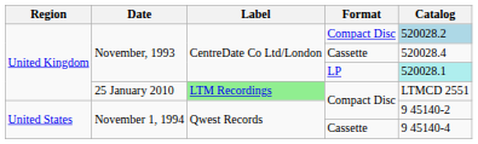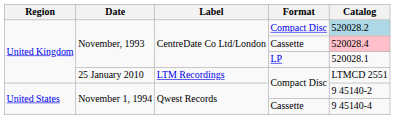 <table class="wikitable">
 <tr>
 <th>Region</th>
 <th>Date</th>
 <th>Label</th>
 <th>Format</th>
 <th>Catalog</th>
 </tr>
 <tr>
 <td rowspan="4"><a href='#'>United Kingdom</a></td>
 <td rowspan="3">November, 1993</td>
 <td rowspan="3">CentreDate Co Ltd/London</td>
 <td><a href='#'>Compact Disc</a></td>
 <td style="background: lightblue;">520028.2</td>
 </tr>
 <tr>
 <td>Cassette</td>
-<td>520028.4</td>
+<td style="background: pink;">520028.4</td>
 </tr>
 <tr>
 <td><a href='#'>LP</a></td>
-<td style="background: paleturquoise;">520028.1</td>
+<td>520028.1</td>
 </tr>
 <tr>
 <td>25 January 2010</td>
-<td style="background: lightgreen;"><a href='#'>LTM Recordings</a></td>
+<td><a href='#'>LTM Recordings</a></td>
 <td rowspan="2">Compact Disc</td>
 <td>LTMCD 2551</td>
 </tr>
 <tr>
 <td rowspan="2"><a href='#'>United States</a></td>
 <td rowspan="2">November 1, 1994</td>
 <td rowspan="2">Qwest Records</td>
 <td>9 45140-2</td>
 </tr>
 <tr>
 <td>Cassette</td>
 <td>9 45140-4</td>
 </tr>
 </table>
